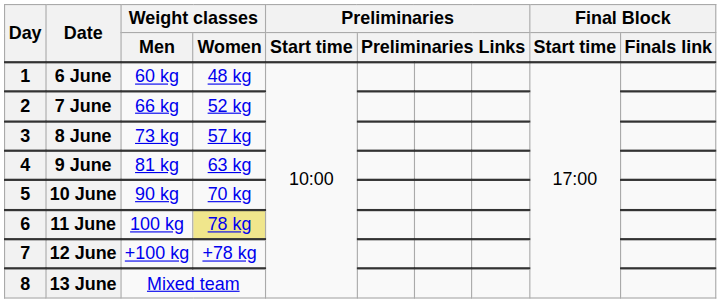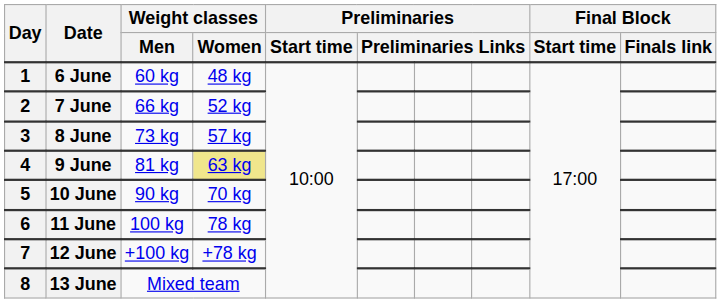 <table class=wikitable style="text-align:center;">
 <tr>
 <th rowspan=2>Day</th>
 <th rowspan=2>Date</th>
 <th colspan=2>Weight classes</th>
 <th colspan=4>Preliminaries</th>
 <th colspan=2>Final Block</th>
 </tr>
 <tr>
 <th>Men</th>
 <th>Women</th>
 <th>Start time</th>
 <th colspan=3>Preliminaries Links</th>
 <th>Start time</th>
 <th>Finals link</th>
 </tr>
 <tr style="border-top: 2px solid #333333;">
 <th>1</th>
 <th>6 June</th>
 <td><a href='#'>60 kg</a></td>
 <td><a href='#'>48 kg</a></td>
 <td rowspan=8>10:00</td>
 <td></td>
 <td></td>
 <td></td>
 <td rowspan=8>17:00</td>
 <td></td>
 </tr>
 <tr style="border-top: 2px solid #333333;">
 <th>2</th>
 <th>7 June</th>
 <td><a href='#'>66 kg</a></td>
 <td><a href='#'>52 kg</a></td>
 <td></td>
 <td></td>
 <td></td>
 <td></td>
 </tr>
 <tr style="border-top: 2px solid #333333;">
 <th>3</th>
 <th>8 June</th>
 <td><a href='#'>73 kg</a></td>
 <td><a href='#'>57 kg</a></td>
 <td></td>
 <td></td>
 <td></td>
 <td></td>
 </tr>
 <tr style="border-top: 2px solid #333333;">
 <th>4</th>
 <th>9 June</th>
 <td><a href='#'>81 kg</a></td>
-<td><a href='#'>63 kg</a></td>
+<td style="background: khaki;"><a href='#'>63 kg</a></td>
 <td></td>
 <td></td>
 <td></td>
 <td></td>
 </tr>
 <tr style="border-top: 2px solid #333333;">
 <th>5</th>
 <th>10 June</th>
 <td><a href='#'>90 kg</a></td>
 <td><a href='#'>70 kg</a></td>
 <td></td>
 <td></td>
 <td></td>
 <td></td>
 </tr>
 <tr style="border-top: 2px solid #333333;">
 <th>6</th>
 <th>11 June</th>
 <td><a href='#'>100 kg</a></td>
-<td style="background: khaki;"><a href='#'>78 kg</a></td>
+<td><a href='#'>78 kg</a></td>
 <td></td>
 <td></td>
 <td></td>
 <td></td>
 </tr>
 <tr style="border-top: 2px solid #333333;">
 <th>7</th>
 <th>12 June</th>
 <td><a href='#'>+100 kg</a></td>
 <td><a href='#'>+78 kg</a></td>
 <td></td>
 <td></td>
 <td></td>
 <td></td>
 </tr>
 <tr style="border-top: 2px solid #333333;">
 <th>8</th>
 <th>13 June</th>
 <td align=center colspan=2><a href='#'>Mixed team</a></td>
 <td></td>
 <td></td>
 <td></td>
 <td></td>
 </tr>
 </table>
